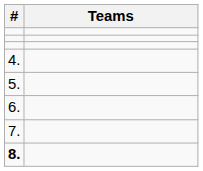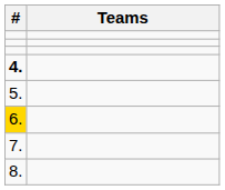 <table class="wikitable">
 <tr>
 <th>#</th>
 <th width="180">Teams</th>
 </tr>
 <tr>
 <td></td>
 <td></td>
 </tr>
 <tr>
 <td></td>
 <td></td>
 </tr>
 <tr>
 <td></td>
 <td></td>
 </tr>
 <tr>
-<td>4.</td>
+<td><strong>4.</strong></td>
 <td></td>
 </tr>
 <tr>
 <td>5.</td>
 <td></td>
 </tr>
 <tr>
-<td>6.</td>
+<td style="background: gold;">6.</td>
 <td></td>
 </tr>
 <tr>
 <td>7.</td>
 <td></td>
 </tr>
 <tr>
-<td><strong>8.</strong></td>
+<td>8.</td>
 <td></td>
 </tr>
 </table>
